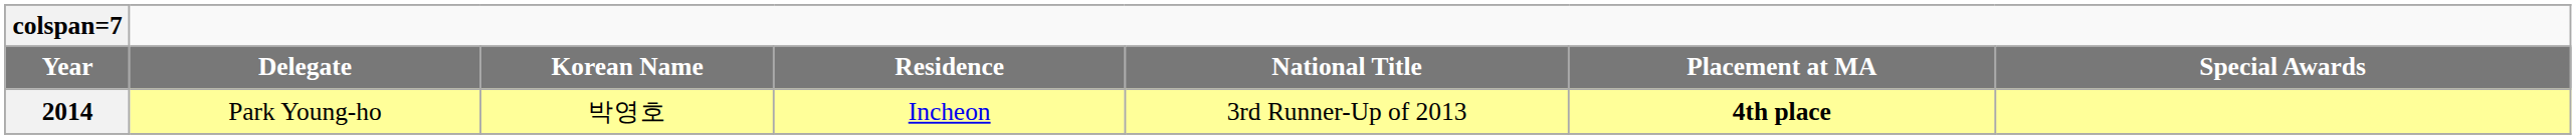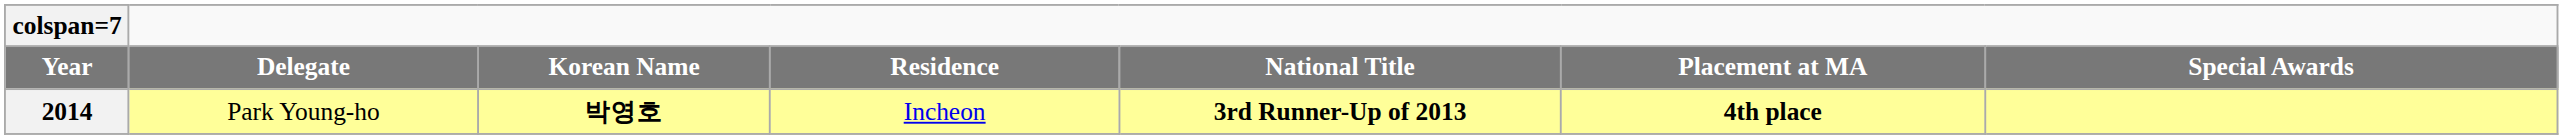 <table class="wikitable sortable" style="font-size: 85%; text-align:center">
 <tr>
 <th>colspan=7 </th>
 </tr>
 <tr>
 <th width="60" style="background-color:#787878;color:#FFFFFF;">Year</th>
 <th width="180" style="background-color:#787878;color:#FFFFFF;">Delegate</th>
 <th width="150" style="background-color:#787878;color:#FFFFFF;">Korean Name</th>
 <th width="180" style="background-color:#787878;color:#FFFFFF;">Residence</th>
 <th width="230" style="background-color:#787878;color:#FFFFFF;">National Title</th>
 <th width="220" style="background-color:#787878;color:#FFFFFF;">Placement at MA</th>
 <th width="300" style="background-color:#787878;color:#FFFFFF;">Special Awards</th>
 </tr>
 <tr style="background-color:#FFFF99;">
 <th>2014</th>
 <td>Park Young-ho</td>
-<td>박영호</td>
+<td><strong>박영호</strong></td>
 <td><a href='#'>Incheon</a></td>
-<td>3rd Runner-Up of 2013</td>
+<td><strong>3rd Runner-Up of 2013</strong></td>
 <td><strong>4th place</strong></td>
 <td></td>
 </tr>
 </table>
